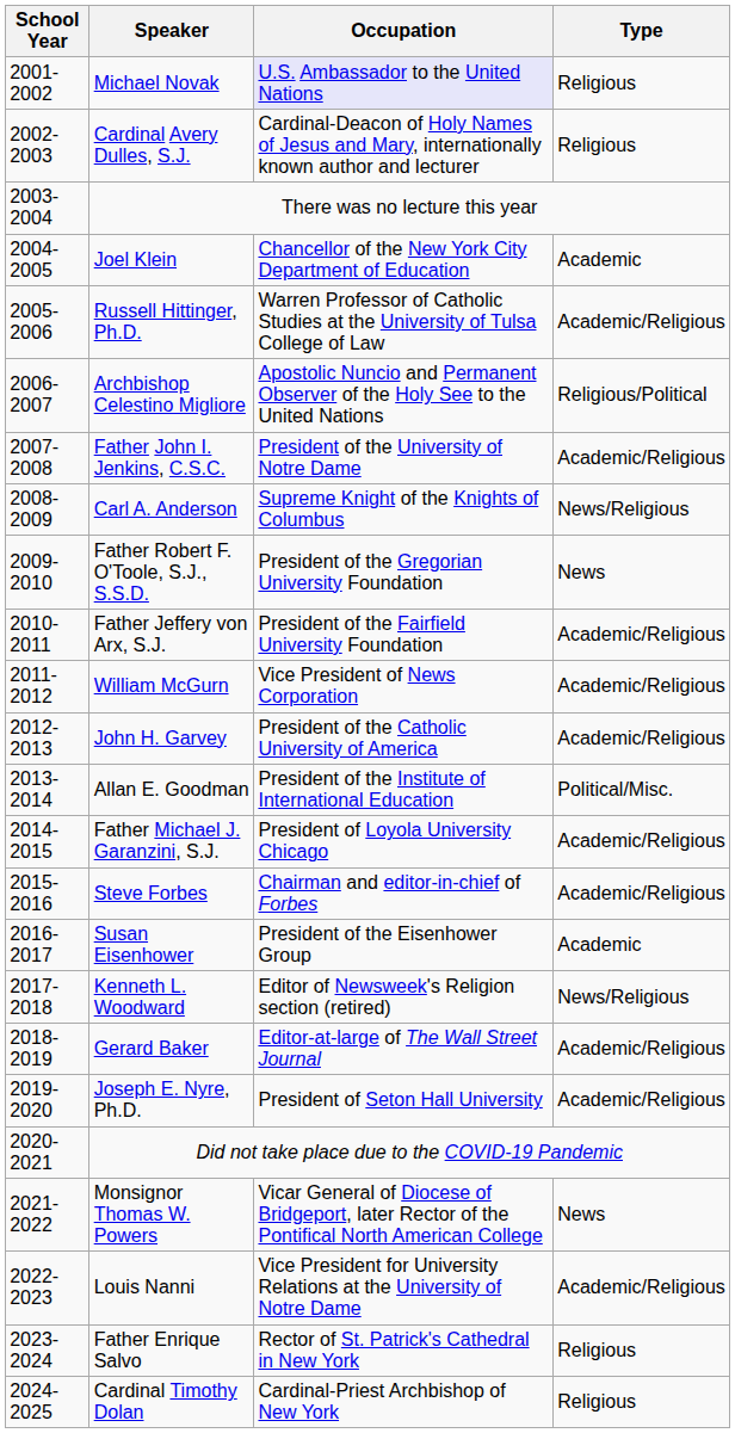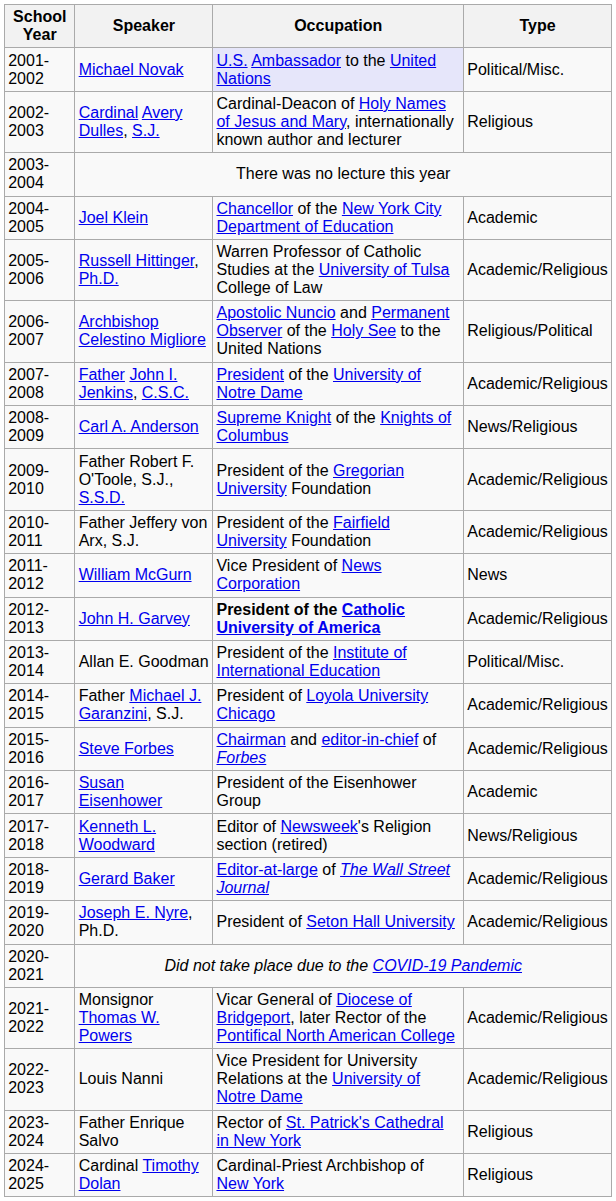 <table class="wikitable">
 <tr>
 <th align="center">School Year</th>
 <th align="center">Speaker</th>
 <th align="center">Occupation</th>
 <th align="center">Type</th>
 </tr>
 <tr>
 <td>2001-2002</td>
 <td><a href='#'>Michael Novak</a></td>
 <td style="background: lavender;"><a href='#'>U.S.</a> <a href='#'>Ambassador</a> to the <a href='#'>United Nations</a></td>
-<td style="background:#">Religious</td>
+<td style="background:#">Political/Misc.</td>
 </tr>
 <tr>
 <td>2002-2003</td>
 <td><a href='#'>Cardinal</a> <a href='#'>Avery Dulles</a>, <a href='#'>S.J.</a></td>
 <td>Cardinal-Deacon of <a href='#'>Holy Names of Jesus and Mary</a>, internationally known author and lecturer</td>
 <td style="background:#">Religious</td>
 </tr>
 <tr>
 <td>2003-2004</td>
 <td colspan="3"; align="center">There was no lecture this year</td>
 </tr>
 <tr>
 <td>2004-2005</td>
 <td><a href='#'>Joel Klein</a></td>
 <td><a href='#'>Chancellor</a> of the <a href='#'>New York City Department of Education</a></td>
 <td style="background:#">Academic</td>
 </tr>
 <tr>
 <td>2005-2006</td>
 <td><a href='#'>Russell Hittinger</a>, <a href='#'>Ph.D.</a></td>
 <td>Warren Professor of Catholic Studies at the <a href='#'>University of Tulsa</a> College of Law</td>
 <td style="background:#">Academic/Religious</td>
 </tr>
 <tr>
 <td>2006-2007</td>
 <td><a href='#'>Archbishop</a> <a href='#'>Celestino Migliore</a></td>
 <td><a href='#'>Apostolic Nuncio</a> and <a href='#'>Permanent Observer</a> of the <a href='#'>Holy See</a> to the United Nations</td>
 <td style="background:#">Religious/Political</td>
 </tr>
 <tr>
 <td>2007-2008</td>
 <td><a href='#'>Father</a> <a href='#'>John I. Jenkins</a>, <a href='#'>C.S.C.</a></td>
 <td><a href='#'>President</a> of the <a href='#'>University of Notre Dame</a></td>
 <td style="background:#">Academic/Religious</td>
 </tr>
 <tr>
 <td>2008-2009</td>
 <td><a href='#'>Carl A. Anderson</a></td>
 <td><a href='#'>Supreme Knight</a> of the <a href='#'>Knights of Columbus</a></td>
 <td style="background:#">News/Religious</td>
 </tr>
 <tr>
 <td>2009-2010</td>
 <td>Father Robert F. O'Toole, S.J., <a href='#'>S.S.D.</a></td>
 <td>President of the <a href='#'>Gregorian University</a> Foundation</td>
-<td style="background:#">News</td>
+<td style="background:#">Academic/Religious</td>
 </tr>
 <tr>
 <td>2010-2011</td>
 <td>Father Jeffery von Arx, S.J.</td>
 <td>President of the <a href='#'>Fairfield University</a> Foundation</td>
 <td style="background:#">Academic/Religious</td>
 </tr>
 <tr>
 <td>2011-2012</td>
 <td><a href='#'>William McGurn</a></td>
 <td>Vice President of <a href='#'>News Corporation</a></td>
-<td style="background:#">Academic/Religious</td>
+<td style="background:#">News</td>
 </tr>
 <tr>
 <td>2012-2013</td>
 <td><a href='#'>John H. Garvey</a></td>
-<td>President of the <a href='#'>Catholic University of America</a></td>
+<td><strong>President of the <a href='#'>Catholic University of America</a></strong></td>
 <td style="background:#">Academic/Religious</td>
 </tr>
 <tr>
 <td>2013-2014</td>
 <td>Allan E. Goodman</td>
 <td>President of the <a href='#'>Institute of International Education</a></td>
 <td style="background:#">Political/Misc.</td>
 </tr>
 <tr>
 <td>2014-2015</td>
 <td>Father <a href='#'>Michael J. Garanzini</a>, S.J.</td>
 <td>President of <a href='#'>Loyola University Chicago</a></td>
 <td style="background:#">Academic/Religious</td>
 </tr>
 <tr>
 <td>2015-2016</td>
 <td><a href='#'>Steve Forbes</a></td>
 <td><a href='#'>Chairman</a> and <a href='#'>editor-in-chief</a> of <em><a href='#'>Forbes</a></em></td>
 <td style="background:#">Academic/Religious</td>
 </tr>
 <tr>
 <td>2016-2017</td>
 <td><a href='#'>Susan Eisenhower</a></td>
 <td>President of the Eisenhower Group</td>
 <td style="background:#">Academic</td>
 </tr>
 <tr>
 <td>2017-2018</td>
 <td><a href='#'>Kenneth L. Woodward</a></td>
 <td>Editor of <a href='#'>Newsweek</a>'s Religion section (retired)</td>
 <td style="background:#">News/Religious</td>
 </tr>
 <tr>
 <td>2018-2019</td>
 <td><a href='#'>Gerard Baker</a></td>
 <td><a href='#'>Editor-at-large</a> of <em><a href='#'>The Wall Street Journal</a></em></td>
 <td style="background:#">Academic/Religious</td>
 </tr>
 <tr>
 <td>2019-2020</td>
 <td><a href='#'>Joseph E. Nyre</a>, Ph.D.</td>
 <td>President of <a href='#'>Seton Hall University</a></td>
 <td style="background:#">Academic/Religious</td>
 </tr>
 <tr>
 <td>2020-2021</td>
 <td colspan="3"; align="center"><em>Did not take place due to the <a href='#'>COVID-19 Pandemic</a></em></td>
 </tr>
 <tr>
 <td>2021-2022</td>
 <td>Monsignor <a href='#'>Thomas W. Powers</a></td>
 <td>Vicar General of <a href='#'>Diocese of Bridgeport</a>, later Rector of the <a href='#'>Pontifical North American College</a></td>
-<td style="background:#">News</td>
+<td style="background:#">Academic/Religious</td>
 </tr>
 <tr>
 <td>2022-2023</td>
 <td>Louis Nanni</td>
 <td>Vice President for University Relations at the <a href='#'>University of Notre Dame</a></td>
 <td style="background:#">Academic/Religious</td>
 </tr>
 <tr>
 <td>2023-2024</td>
 <td>Father Enrique Salvo</td>
 <td>Rector of <a href='#'>St. Patrick's Cathedral in New York</a></td>
 <td style="background:#">Religious</td>
 </tr>
 <tr>
 <td>2024-2025</td>
 <td>Cardinal <a href='#'>Timothy Dolan</a></td>
 <td>Cardinal-Priest Archbishop of <a href='#'>New York</a></td>
 <td style="background:#">Religious</td>
 </tr>
 </table>
